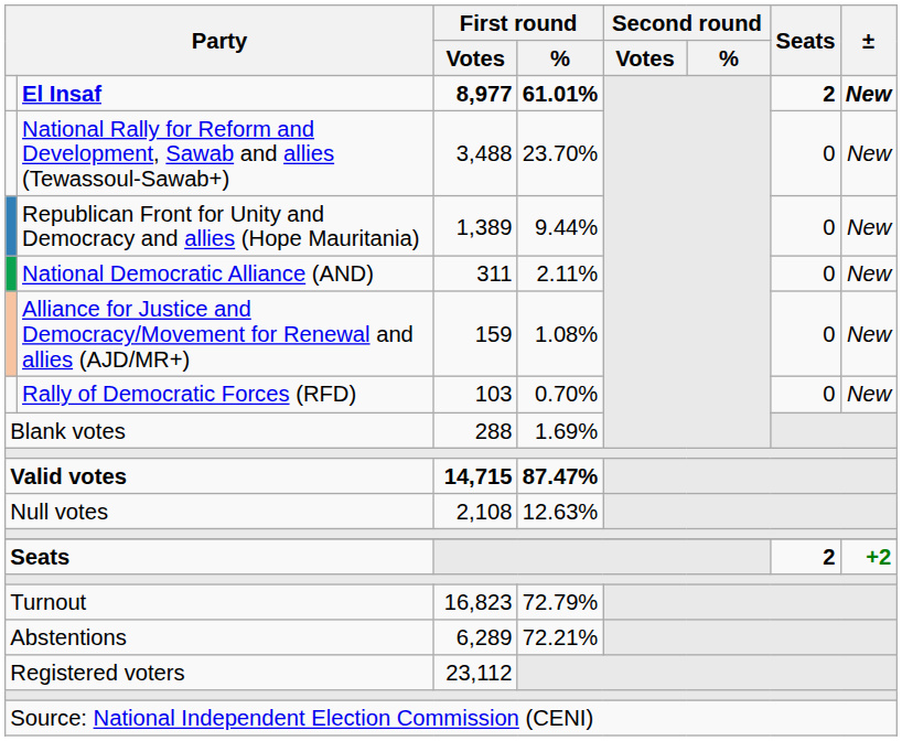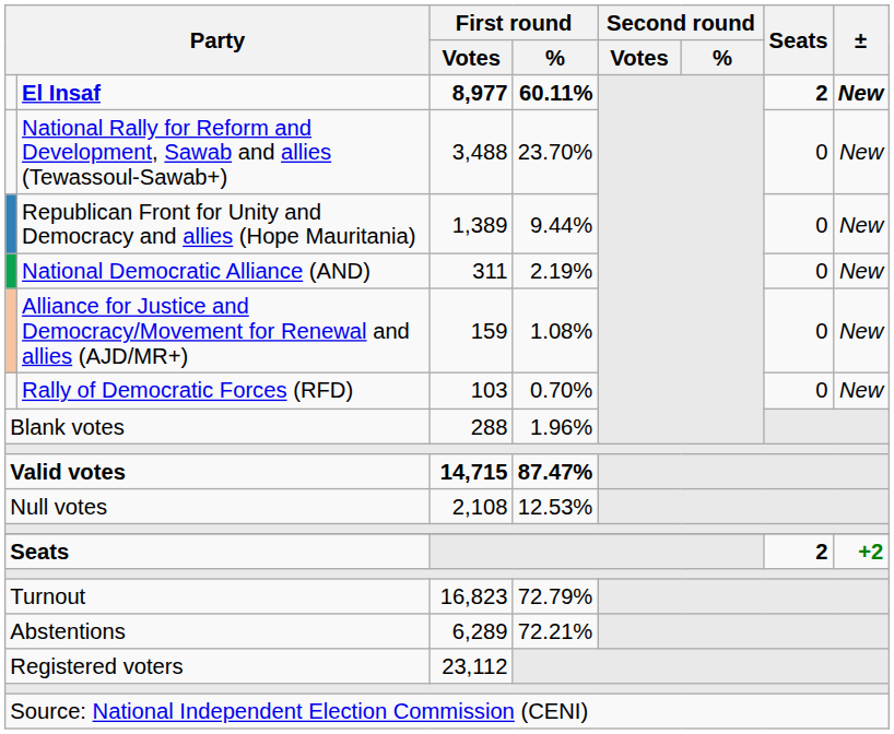 <table class="wikitable" style="text-align:right;font-size:95%;">
 <tr>
 <th rowspan="2" colspan="2" width="700">Party</th>
 <th colspan="2">First round</th>
 <th colspan="2">Second round</th>
 <th rowspan="2" width="25">Seats</th>
 <th rowspan="2" width="20">±</th>
 </tr>
 <tr>
 <th width="50">Votes</th>
 <th width="50">%</th>
 <th width="50">Votes</th>
 <th width="50">%</th>
 </tr>
 <tr>
 <td width="1" style="color:inherit;background:"></td>
 <td style="text-align:left;"><strong><a href='#'>El Insaf</a></strong></td>
 <td><strong>8,977</strong></td>
-<td><strong>61.01%</strong></td>
+<td><strong>60.11%</strong></td>
 <td colspan="2" rowspan="7" style="background:#E9E9E9;"></td>
 <td><strong>2</strong></td>
 <td><strong><em>New</em></strong></td>
 </tr>
 <tr>
 <td width="1" style="color:inherit;background:"></td>
 <td style="text-align:left;"><a href='#'>National Rally for Reform and Development</a>, <a href='#'>Sawab</a> and <a href='#'>allies</a> (Tewassoul-Sawab+)</td>
 <td>3,488</td>
 <td>23.70%</td>
 <td>0</td>
 <td><em>New</em></td>
 </tr>
 <tr>
 <td width="1" style="color:inherit;background:#3080B7;"></td>
 <td style="text-align:left;">Republican Front for Unity and Democracy and <a href='#'>allies</a> (Hope Mauritania)</td>
 <td>1,389</td>
 <td>9.44%</td>
 <td>0</td>
 <td><em>New</em></td>
 </tr>
 <tr>
 <td width="1" style="color:inherit;background:#0AA450;"></td>
 <td style="text-align:left;"><a href='#'>National Democratic Alliance</a> (AND)</td>
 <td>311</td>
-<td>2.11%</td>
+<td>2.19%</td>
 <td>0</td>
 <td><em>New</em></td>
 </tr>
 <tr>
 <td width="1" style="color:inherit;background:#F8C3A0;"></td>
 <td style="text-align:left;"><a href='#'>Alliance for Justice and Democracy/Movement for Renewal</a> and <a href='#'>allies</a> (AJD/MR+)</td>
 <td>159</td>
 <td>1.08%</td>
 <td>0</td>
 <td><em>New</em></td>
 </tr>
 <tr>
 <td width="1" style="color:inherit;background:"></td>
 <td style="text-align:left;"><a href='#'>Rally of Democratic Forces</a> (RFD)</td>
 <td>103</td>
 <td>0.70%</td>
 <td>0</td>
 <td><em>New</em></td>
 </tr>
 <tr>
 <td colspan="2" style="text-align:left;">Blank votes</td>
 <td>288</td>
-<td>1.69%</td>
+<td>1.96%</td>
 <td colspan="4" style="background:#E9E9E9;"></td>
 </tr>
 <tr>
 <td colspan="8" style="background:#E9E9E9;"></td>
 </tr>
 <tr style="font-weight:bold;">
 <td colspan="2" style="text-align:left;">Valid votes</td>
 <td>14,715</td>
 <td>87.47%</td>
 <td colspan="4" style="background:#E9E9E9;"></td>
 </tr>
 <tr>
 <td colspan="2" style="text-align:left;">Null votes</td>
 <td>2,108</td>
-<td>12.63%</td>
+<td>12.53%</td>
 <td colspan="4" style="background:#E9E9E9;"></td>
 </tr>
 <tr>
 <td colspan="8" style="background:#E9E9E9;"></td>
 </tr>
 <tr>
 </tr>
 <tr style="font-weight:bold;">
 <td colspan="2" style="text-align:left;">Seats</td>
 <td colspan="4" style="background:#E9E9E9;"></td>
 <td>2</td>
 <td style="color:green;">+2</td>
 </tr>
 <tr>
 <td colspan="8" style="background:#E9E9E9;"></td>
 </tr>
 <tr>
 <td colspan="2" style="text-align:left;">Turnout</td>
 <td>16,823</td>
 <td>72.79%</td>
 <td colspan="4" style="background:#E9E9E9;"></td>
 </tr>
 <tr>
 <td colspan="2" style="text-align:left;">Abstentions</td>
 <td>6,289</td>
 <td>72.21%</td>
 <td colspan="4" style="background:#E9E9E9;"></td>
 </tr>
 <tr>
 <td colspan="2" style="text-align:left;">Registered voters</td>
 <td>23,112</td>
 <td colspan="5" style="background:#E9E9E9;"></td>
 </tr>
 <tr>
 <td colspan="8" style="background:#E9E9E9;"></td>
 </tr>
 <tr>
 <td colspan="8" style="text-align:left;">Source: <a href='#'>National Independent Election Commission</a> (CENI)</td>
 </tr>
 </table>
